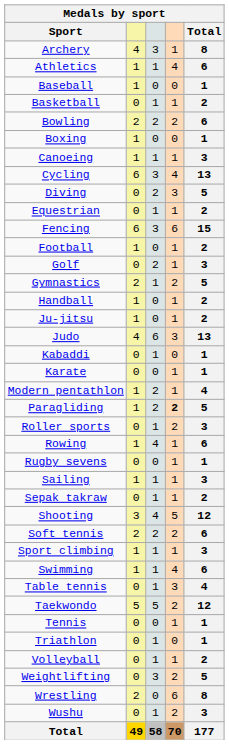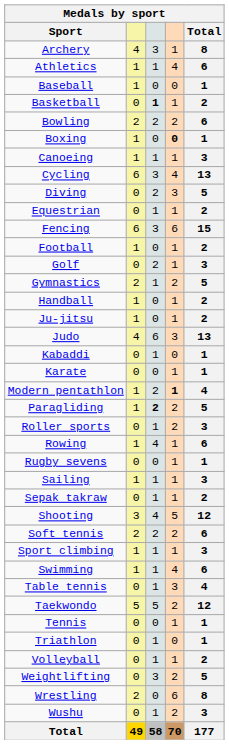 <table class="wikitable" style="font-size:85%; text-align:center; float:right; clear:right;">
 <tr>
 <th colspan=5>Medals by sport</th>
 </tr>
 <tr>
 <th>Sport</th>
 <td bgcolor=#f7f6a8></td>
 <td bgcolor=#dce5e5></td>
 <td bgcolor=#ffdab9></td>
 <th>Total</th>
 </tr>
 <tr>
 <td><a href='#'>Archery</a></td>
 <td style="background:#F7F6A8;">4</td>
 <td style="background:#DCE5E5;">3</td>
 <td style="background:#FFDAB9;">1</td>
 <th>8</th>
 </tr>
 <tr>
 <td><a href='#'>Athletics</a></td>
 <td style="background:#F7F6A8;">1</td>
 <td style="background:#DCE5E5;">1</td>
 <td style="background:#FFDAB9;">4</td>
 <th>6</th>
 </tr>
 <tr>
 <td><a href='#'>Baseball</a></td>
 <td style="background:#F7F6A8;">1</td>
 <td style="background:#DCE5E5;">0</td>
 <td style="background:#FFDAB9;">0</td>
 <th>1</th>
 </tr>
 <tr>
 <td><a href='#'>Basketball</a></td>
 <td style="background:#F7F6A8;">0</td>
-<td style="background:#DCE5E5;">1</td>
+<td style="background:#DCE5E5;"><strong>1</strong></td>
 <td style="background:#FFDAB9;">1</td>
 <th>2</th>
 </tr>
 <tr>
 <td><a href='#'>Bowling</a></td>
 <td style="background:#F7F6A8;">2</td>
 <td style="background:#DCE5E5;">2</td>
 <td style="background:#FFDAB9;">2</td>
 <th>6</th>
 </tr>
 <tr>
 <td><a href='#'>Boxing</a></td>
 <td style="background:#F7F6A8;">1</td>
 <td style="background:#DCE5E5;">0</td>
-<td style="background:#FFDAB9;">0</td>
+<td style="background:#FFDAB9;"><strong>0</strong></td>
 <th>1</th>
 </tr>
 <tr>
 <td><a href='#'>Canoeing</a></td>
 <td style="background:#F7F6A8;">1</td>
 <td style="background:#DCE5E5;">1</td>
 <td style="background:#FFDAB9;">1</td>
 <th>3</th>
 </tr>
 <tr>
 <td><a href='#'>Cycling</a></td>
 <td style="background:#F7F6A8;">6</td>
 <td style="background:#DCE5E5;">3</td>
 <td style="background:#FFDAB9;">4</td>
 <th>13</th>
 </tr>
 <tr>
 <td><a href='#'>Diving</a></td>
 <td style="background:#F7F6A8;">0</td>
 <td style="background:#DCE5E5;">2</td>
 <td style="background:#FFDAB9;">3</td>
 <th>5</th>
 </tr>
 <tr>
 <td><a href='#'>Equestrian</a></td>
 <td style="background:#F7F6A8;">0</td>
 <td style="background:#DCE5E5;">1</td>
 <td style="background:#FFDAB9;">1</td>
 <th>2</th>
 </tr>
 <tr>
 <td><a href='#'>Fencing</a></td>
 <td style="background:#F7F6A8;">6</td>
 <td style="background:#DCE5E5;">3</td>
 <td style="background:#FFDAB9;">6</td>
 <th>15</th>
 </tr>
 <tr>
 <td><a href='#'>Football</a></td>
 <td style="background:#F7F6A8;">1</td>
 <td style="background:#DCE5E5;">0</td>
 <td style="background:#FFDAB9;">1</td>
 <th>2</th>
 </tr>
 <tr>
 <td><a href='#'>Golf</a></td>
 <td style="background:#F7F6A8;">0</td>
 <td style="background:#DCE5E5;">2</td>
 <td style="background:#FFDAB9;">1</td>
 <th>3</th>
 </tr>
 <tr>
 <td><a href='#'>Gymnastics</a></td>
 <td style="background:#F7F6A8;">2</td>
 <td style="background:#DCE5E5;">1</td>
 <td style="background:#FFDAB9;">2</td>
 <th>5</th>
 </tr>
 <tr>
 <td><a href='#'>Handball</a></td>
 <td style="background:#F7F6A8;">1</td>
 <td style="background:#DCE5E5;">0</td>
 <td style="background:#FFDAB9;">1</td>
 <th>2</th>
 </tr>
 <tr>
 <td><a href='#'>Ju-jitsu</a></td>
 <td style="background:#F7F6A8;">1</td>
 <td style="background:#DCE5E5;">0</td>
 <td style="background:#FFDAB9;">1</td>
 <th>2</th>
 </tr>
 <tr>
 <td><a href='#'>Judo</a></td>
 <td style="background:#F7F6A8;">4</td>
 <td style="background:#DCE5E5;">6</td>
 <td style="background:#FFDAB9;">3</td>
 <th>13</th>
 </tr>
 <tr>
 <td><a href='#'>Kabaddi</a></td>
 <td style="background:#F7F6A8;">0</td>
 <td style="background:#DCE5E5;">1</td>
 <td style="background:#FFDAB9;">0</td>
 <th>1</th>
 </tr>
 <tr>
 <td><a href='#'>Karate</a></td>
 <td style="background:#F7F6A8;">0</td>
 <td style="background:#DCE5E5;">0</td>
 <td style="background:#FFDAB9;">1</td>
 <th>1</th>
 </tr>
 <tr>
 <td><a href='#'>Modern pentathlon</a></td>
 <td style="background:#F7F6A8;">1</td>
 <td style="background:#DCE5E5;">2</td>
-<td style="background:#FFDAB9;">1</td>
+<td style="background:#FFDAB9;"><strong>1</strong></td>
 <th>4</th>
 </tr>
 <tr>
 <td><a href='#'>Paragliding</a></td>
 <td style="background:#F7F6A8;">1</td>
-<td style="background:#DCE5E5;">2</td>
-<td style="background:#FFDAB9;"><strong>2</strong></td>
+<td style="background:#DCE5E5;"><strong>2</strong></td>
+<td style="background:#FFDAB9;">2</td>
 <th>5</th>
 </tr>
 <tr>
 <td><a href='#'>Roller sports</a></td>
 <td style="background:#F7F6A8;">0</td>
 <td style="background:#DCE5E5;">1</td>
 <td style="background:#FFDAB9;">2</td>
 <th>3</th>
 </tr>
 <tr>
 <td><a href='#'>Rowing</a></td>
 <td style="background:#F7F6A8;">1</td>
 <td style="background:#DCE5E5;">4</td>
 <td style="background:#FFDAB9;">1</td>
 <th>6</th>
 </tr>
 <tr>
 <td><a href='#'>Rugby sevens</a></td>
 <td style="background:#F7F6A8;">0</td>
 <td style="background:#DCE5E5;">0</td>
 <td style="background:#FFDAB9;">1</td>
 <th>1</th>
 </tr>
 <tr>
 <td><a href='#'>Sailing</a></td>
 <td style="background:#F7F6A8;">1</td>
 <td style="background:#DCE5E5;">1</td>
 <td style="background:#FFDAB9;">1</td>
 <th>3</th>
 </tr>
 <tr>
 <td><a href='#'>Sepak takraw</a></td>
 <td style="background:#F7F6A8;">0</td>
 <td style="background:#DCE5E5;">1</td>
 <td style="background:#FFDAB9;">1</td>
 <th>2</th>
 </tr>
 <tr>
 <td><a href='#'>Shooting</a></td>
 <td style="background:#F7F6A8;">3</td>
 <td style="background:#DCE5E5;">4</td>
 <td style="background:#FFDAB9;">5</td>
 <th>12</th>
 </tr>
 <tr>
 <td><a href='#'>Soft tennis</a></td>
 <td style="background:#F7F6A8;">2</td>
 <td style="background:#DCE5E5;">2</td>
 <td style="background:#FFDAB9;">2</td>
 <th>6</th>
 </tr>
 <tr>
 <td><a href='#'>Sport climbing</a></td>
 <td style="background:#F7F6A8;">1</td>
 <td style="background:#DCE5E5;">1</td>
 <td style="background:#FFDAB9;">1</td>
 <th>3</th>
 </tr>
 <tr>
 <td><a href='#'>Swimming</a></td>
 <td style="background:#F7F6A8;">1</td>
 <td style="background:#DCE5E5;">1</td>
 <td style="background:#FFDAB9;">4</td>
 <th>6</th>
 </tr>
 <tr>
 <td><a href='#'>Table tennis</a></td>
 <td style="background:#F7F6A8;">0</td>
 <td style="background:#DCE5E5;">1</td>
 <td style="background:#FFDAB9;">3</td>
 <th>4</th>
 </tr>
 <tr>
 <td><a href='#'>Taekwondo</a></td>
 <td style="background:#F7F6A8;">5</td>
 <td style="background:#DCE5E5;">5</td>
 <td style="background:#FFDAB9;">2</td>
 <th>12</th>
 </tr>
 <tr>
 <td><a href='#'>Tennis</a></td>
 <td style="background:#F7F6A8;">0</td>
 <td style="background:#DCE5E5;">0</td>
 <td style="background:#FFDAB9;">1</td>
 <th>1</th>
 </tr>
 <tr>
 <td><a href='#'>Triathlon</a></td>
 <td style="background:#F7F6A8;">0</td>
 <td style="background:#DCE5E5;">1</td>
 <td style="background:#FFDAB9;">0</td>
 <th>1</th>
 </tr>
 <tr>
 <td><a href='#'>Volleyball</a></td>
 <td style="background:#F7F6A8;">0</td>
 <td style="background:#DCE5E5;">1</td>
 <td style="background:#FFDAB9;">1</td>
 <th>2</th>
 </tr>
 <tr>
 <td><a href='#'>Weightlifting</a></td>
 <td style="background:#F7F6A8;">0</td>
 <td style="background:#DCE5E5;">3</td>
 <td style="background:#FFDAB9;">2</td>
 <th>5</th>
 </tr>
 <tr>
 <td><a href='#'>Wrestling</a></td>
 <td style="background:#F7F6A8;">2</td>
 <td style="background:#DCE5E5;">0</td>
 <td style="background:#FFDAB9;">6</td>
 <th>8</th>
 </tr>
 <tr>
 <td><a href='#'>Wushu</a></td>
 <td style="background:#F7F6A8;">0</td>
 <td style="background:#DCE5E5;">1</td>
 <td style="background:#FFDAB9;">2</td>
 <th>3</th>
 </tr>
 <tr>
 <th>Total</th>
 <th style="background:gold;">49</th>
 <th style="background:silver;">58</th>
 <th style="background:#c96;">70</th>
 <th>177</th>
 </tr>
 </table>
